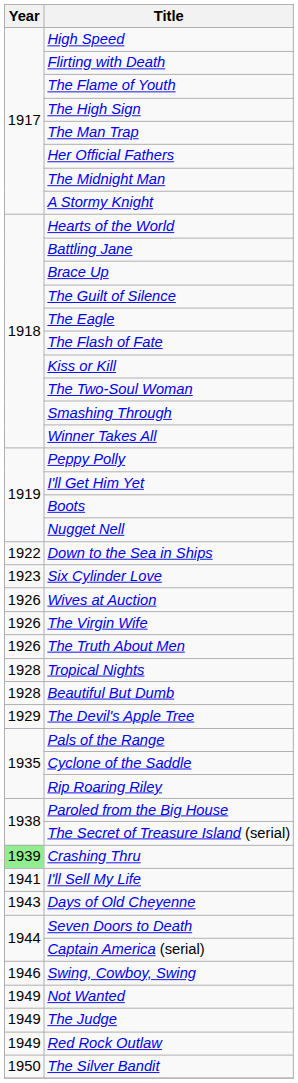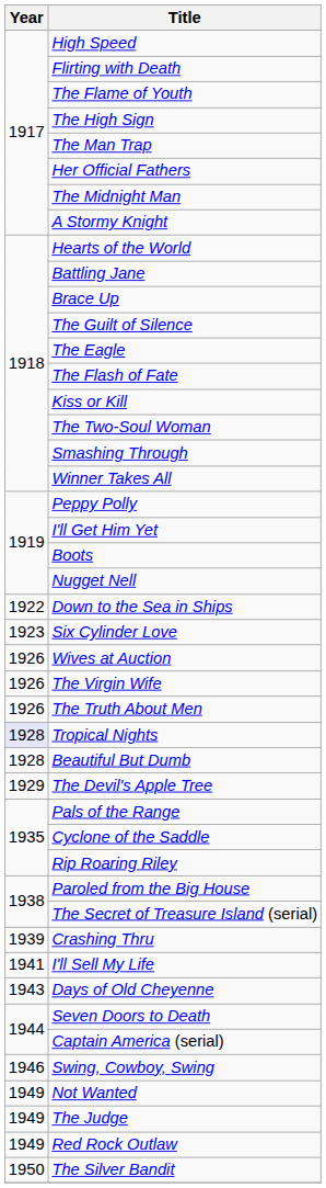 <table class="wikitable">
 <tr>
 <th>Year</th>
 <th>Title</th>
 </tr>
 <tr>
 <td rowspan="8">1917</td>
 <td><em><a href='#'>High Speed</a></em></td>
 </tr>
 <tr>
 <td><em><a href='#'>Flirting with Death</a></em></td>
 </tr>
 <tr>
 <td><em><a href='#'>The Flame of Youth</a></em></td>
 </tr>
 <tr>
 <td><em><a href='#'>The High Sign</a></em></td>
 </tr>
 <tr>
 <td><em><a href='#'>The Man Trap</a></em></td>
 </tr>
 <tr>
 <td><em><a href='#'>Her Official Fathers</a></em></td>
 </tr>
 <tr>
 <td><em><a href='#'>The Midnight Man</a></em></td>
 </tr>
 <tr>
 <td><em><a href='#'>A Stormy Knight</a></em></td>
 </tr>
 <tr>
 <td rowspan="10">1918</td>
 <td><em><a href='#'>Hearts of the World</a></em></td>
 </tr>
 <tr>
 <td><em><a href='#'>Battling Jane</a></em></td>
 </tr>
 <tr>
 <td><em><a href='#'>Brace Up</a></em></td>
 </tr>
 <tr>
 <td><em><a href='#'>The Guilt of Silence</a></em></td>
 </tr>
 <tr>
 <td><em><a href='#'>The Eagle</a></em></td>
 </tr>
 <tr>
 <td><em><a href='#'>The Flash of Fate</a></em></td>
 </tr>
 <tr>
 <td><em><a href='#'>Kiss or Kill</a></em></td>
 </tr>
 <tr>
 <td><em><a href='#'>The Two-Soul Woman</a></em></td>
 </tr>
 <tr>
 <td><em><a href='#'>Smashing Through</a></em></td>
 </tr>
 <tr>
 <td><em><a href='#'>Winner Takes All</a></em></td>
 </tr>
 <tr>
 <td rowspan="4">1919</td>
 <td><em><a href='#'>Peppy Polly</a></em></td>
 </tr>
 <tr>
 <td><em><a href='#'>I'll Get Him Yet</a></em></td>
 </tr>
 <tr>
 <td><em><a href='#'>Boots</a></em></td>
 </tr>
 <tr>
 <td><em><a href='#'>Nugget Nell</a></em></td>
 </tr>
 <tr>
 <td>1922</td>
 <td><em><a href='#'>Down to the Sea in Ships</a></em></td>
 </tr>
 <tr>
 <td>1923</td>
 <td><em><a href='#'>Six Cylinder Love</a></em></td>
 </tr>
 <tr>
 <td>1926</td>
 <td><em><a href='#'>Wives at Auction</a></em></td>
 </tr>
 <tr>
 <td>1926</td>
 <td><em><a href='#'>The Virgin Wife</a></em></td>
 </tr>
 <tr>
 <td>1926</td>
 <td><em><a href='#'>The Truth About Men</a></em></td>
 </tr>
 <tr>
-<td>1928</td>
+<td style="background: lavender;">1928</td>
 <td><em><a href='#'>Tropical Nights</a></em></td>
 </tr>
 <tr>
 <td>1928</td>
 <td><em><a href='#'>Beautiful But Dumb</a></em></td>
 </tr>
 <tr>
 <td>1929</td>
 <td><em><a href='#'>The Devil's Apple Tree</a></em></td>
 </tr>
 <tr>
 <td rowspan="3">1935</td>
 <td><em><a href='#'>Pals of the Range</a></em></td>
 </tr>
 <tr>
 <td><em><a href='#'>Cyclone of the Saddle</a></em></td>
 </tr>
 <tr>
 <td><em><a href='#'>Rip Roaring Riley</a></em></td>
 </tr>
 <tr>
 <td rowspan="2">1938</td>
 <td><em><a href='#'>Paroled from the Big House</a></em></td>
 </tr>
 <tr>
 <td><em><a href='#'>The Secret of Treasure Island</a></em> (serial)</td>
 </tr>
 <tr>
-<td style="background: lightgreen;">1939</td>
+<td>1939</td>
 <td><em><a href='#'>Crashing Thru</a></em></td>
 </tr>
 <tr>
 <td>1941</td>
 <td><em><a href='#'>I'll Sell My Life</a></em></td>
 </tr>
 <tr>
 <td>1943</td>
 <td><em><a href='#'>Days of Old Cheyenne</a></em></td>
 </tr>
 <tr>
 <td rowspan="2">1944</td>
 <td><em><a href='#'>Seven Doors to Death</a></em></td>
 </tr>
 <tr>
 <td><em><a href='#'>Captain America</a></em> (serial)</td>
 </tr>
 <tr>
 <td>1946</td>
 <td><em><a href='#'>Swing, Cowboy, Swing</a></em></td>
 </tr>
 <tr>
 <td>1949</td>
 <td><em><a href='#'>Not Wanted</a></em></td>
 </tr>
 <tr>
 <td>1949</td>
 <td><em><a href='#'>The Judge</a></em></td>
 </tr>
 <tr>
 <td>1949</td>
 <td><em><a href='#'>Red Rock Outlaw</a></em></td>
 </tr>
 <tr>
 <td>1950</td>
 <td><em><a href='#'>The Silver Bandit</a></em></td>
 </tr>
 <tr>
 </tr>
 </table>
